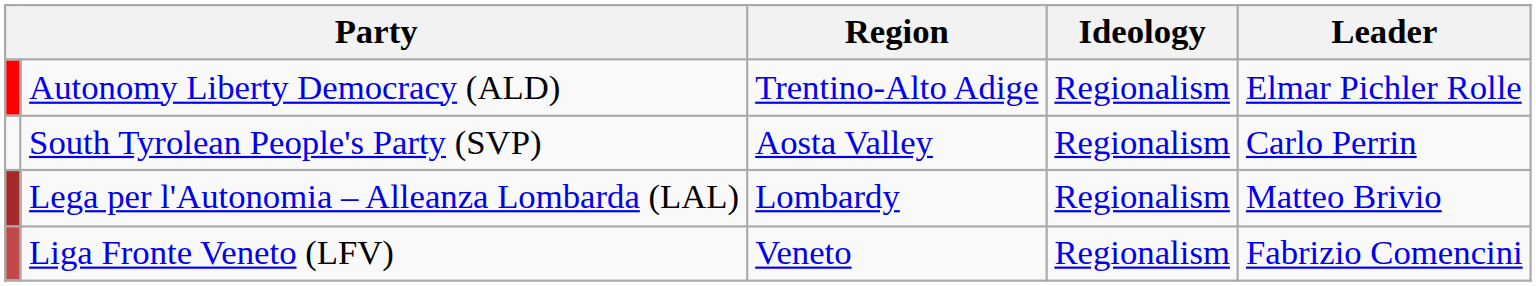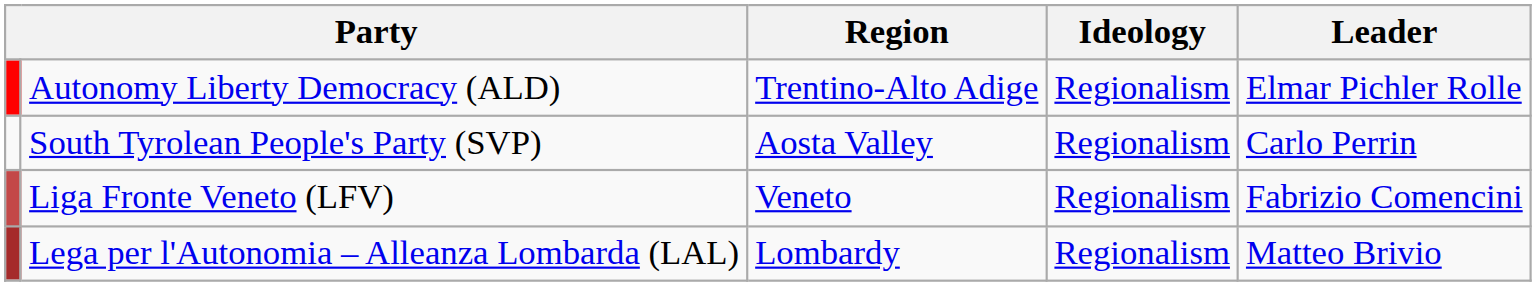 <table class=wikitable style=text-align:left>
 <tr>
 <th colspan=2>Party</th>
 <th>Region</th>
 <th>Ideology</th>
 <th>Leader</th>
 </tr>
 <tr>
 <td bgcolor="red"></td>
 <td><a href='#'>Autonomy Liberty Democracy</a> (ALD)</td>
 <td><a href='#'>Trentino-Alto Adige</a></td>
 <td><a href='#'>Regionalism</a></td>
 <td><a href='#'>Elmar Pichler Rolle</a></td>
 </tr>
 <tr>
 <td></td>
 <td><a href='#'>South Tyrolean People's Party</a> (SVP)</td>
 <td><a href='#'>Aosta Valley</a></td>
 <td><a href='#'>Regionalism</a></td>
 <td><a href='#'>Carlo Perrin</a></td>
 </tr>
 <tr>
+<td bgcolor="#C34848"></td>
+<td><a href='#'>Liga Fronte Veneto</a> (LFV)</td>
+<td><a href='#'>Veneto</a></td>
+<td><a href='#'>Regionalism</a></td>
+<td><a href='#'>Fabrizio Comencini</a></td>
+</tr>
+<tr>
 <td bgcolor="brown"></td>
 <td><a href='#'>Lega per l'Autonomia – Alleanza Lombarda</a> (LAL)</td>
 <td><a href='#'>Lombardy</a></td>
 <td><a href='#'>Regionalism</a></td>
 <td><a href='#'>Matteo Brivio</a></td>
 </tr>
-<tr>
-<td bgcolor="#C34848"></td>
-<td><a href='#'>Liga Fronte Veneto</a> (LFV)</td>
-<td><a href='#'>Veneto</a></td>
-<td><a href='#'>Regionalism</a></td>
-<td><a href='#'>Fabrizio Comencini</a></td>
-</tr>
 </table>
